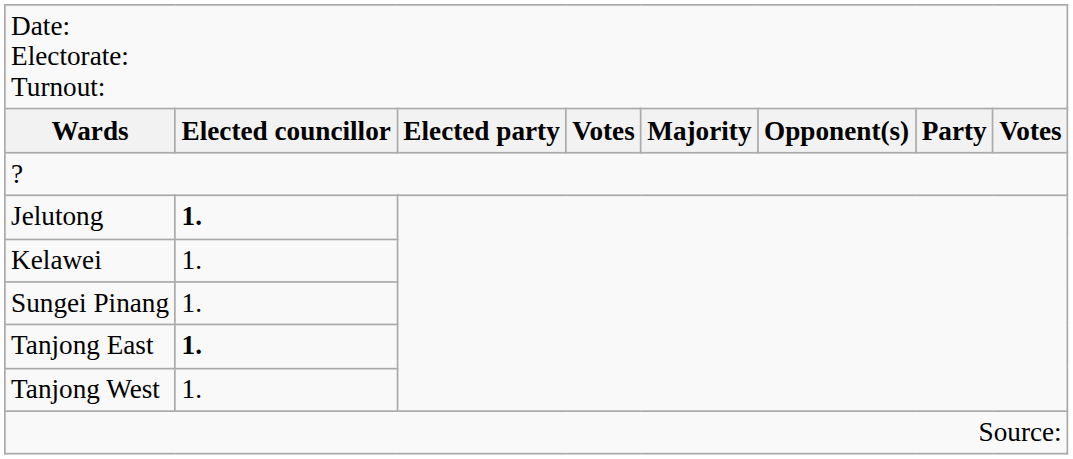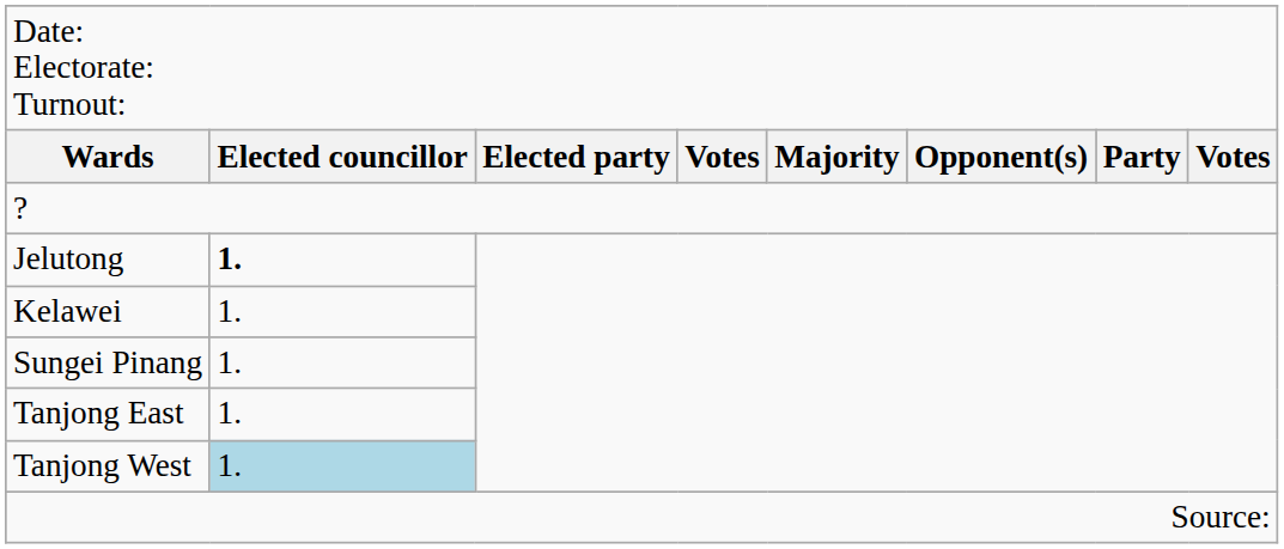 <table class=wikitable>
 <tr>
 <td colspan=8>Date: <br>Electorate: <br>Turnout:</td>
 </tr>
 <tr>
 <th>Wards</th>
 <th>Elected councillor</th>
 <th>Elected party</th>
 <th>Votes</th>
 <th>Majority</th>
 <th>Opponent(s)</th>
 <th>Party</th>
 <th>Votes</th>
 </tr>
 <tr>
 <td colspan=8>? </td>
 </tr>
 <tr>
 <td>Jelutong</td>
 <td><strong>1.</strong></td>
 </tr>
 <tr>
 <td>Kelawei</td>
 <td>1.</td>
 </tr>
 <tr>
 <td>Sungei Pinang</td>
 <td>1.</td>
 </tr>
 <tr>
 <td>Tanjong East</td>
-<td><strong>1.</strong></td>
+<td>1.</td>
 </tr>
 <tr>
 <td>Tanjong West</td>
-<td>1.</td>
+<td style="background: lightblue;">1.</td>
 </tr>
 <tr>
 <td colspan="8" style="text-align:right;">Source:</td>
 </tr>
 </table>
